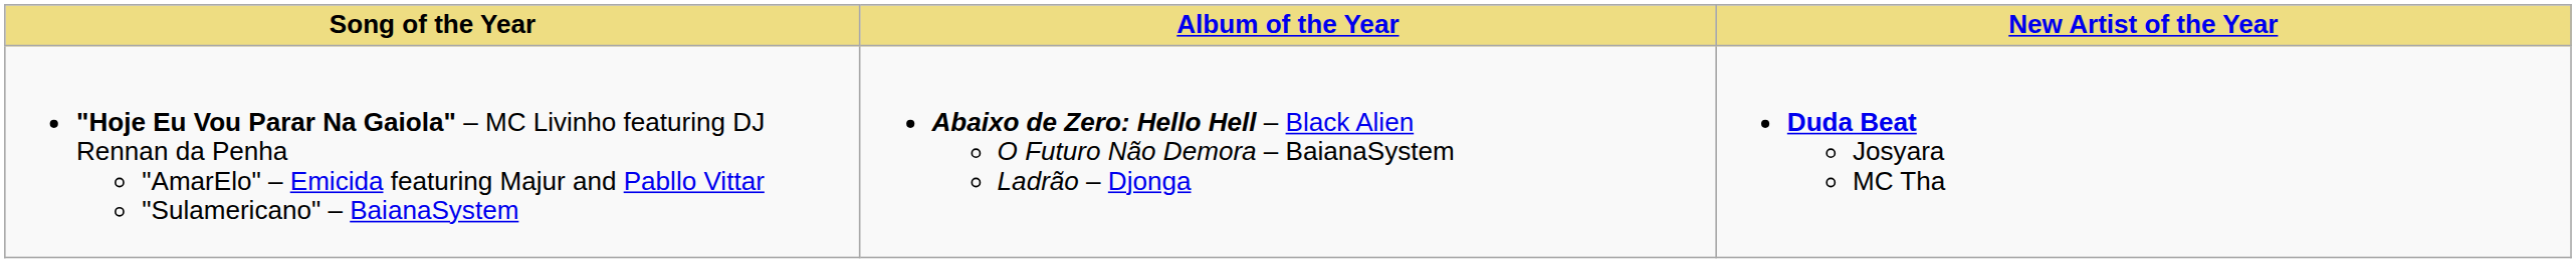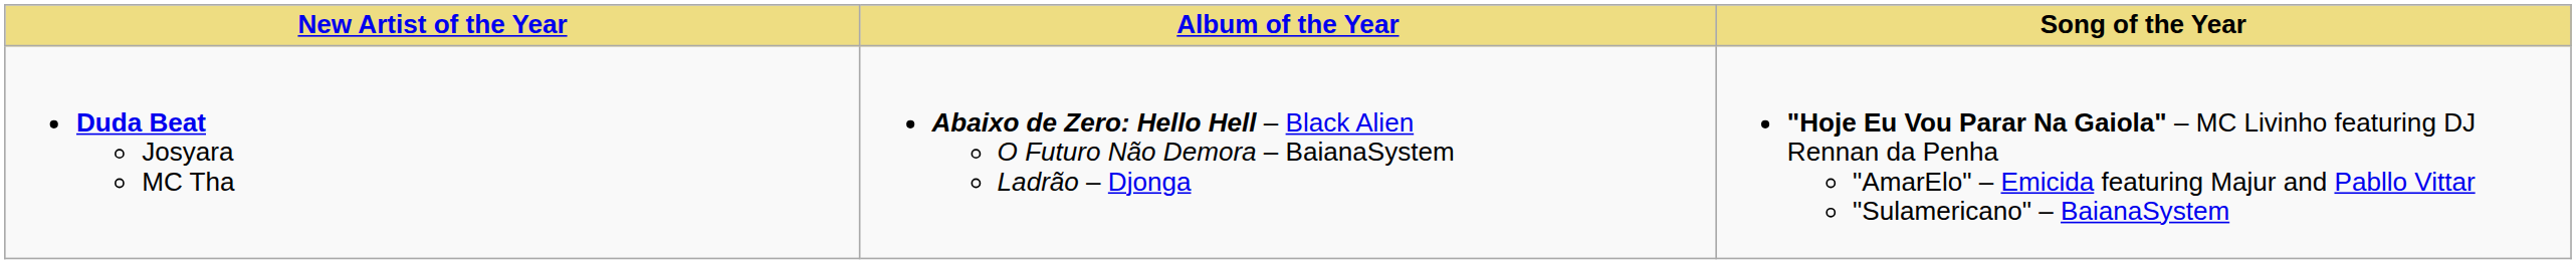 <table class=wikitable>
 <tr>
+<th style="background:#EEDD82;width:20%"><a href='#'>New Artist of the Year</a></th>
+<th style="background:#EEDD82;width:20%"><a href='#'>Album of the Year</a></th>
 <th style="background:#EEDD82;width:20%">Song of the Year</th>
-<th style="background:#EEDD82;width:20%"><a href='#'>Album of the Year</a></th>
-<th style="background:#EEDD82;width:20%"><a href='#'>New Artist of the Year</a></th>
 </tr>
 <tr>
+<td valign="top"><br><ul><li><strong><a href='#'>Duda Beat</a></strong><ul><li>Josyara</li><li>MC Tha</li></ul></li></ul></td>
+<td valign="top"><br><ul><li><strong><em>Abaixo de Zero: Hello Hell</em></strong> – <a href='#'>Black Alien</a><ul><li><em>O Futuro Não Demora</em> – BaianaSystem</li><li><em>Ladrão</em> – <a href='#'>Djonga</a></li></ul></li></ul></td>
 <td valign="top"><br><ul><li><strong>"Hoje Eu Vou Parar Na Gaiola"</strong> – MC Livinho featuring DJ Rennan da Penha<ul><li>"AmarElo" – <a href='#'>Emicida</a> featuring Majur and <a href='#'>Pabllo Vittar</a></li><li>"Sulamericano" – <a href='#'>BaianaSystem</a></li></ul></li></ul></td>
-<td valign="top"><br><ul><li><strong><em>Abaixo de Zero: Hello Hell</em></strong> – <a href='#'>Black Alien</a><ul><li><em>O Futuro Não Demora</em> – BaianaSystem</li><li><em>Ladrão</em> – <a href='#'>Djonga</a></li></ul></li></ul></td>
-<td valign="top"><br><ul><li><strong><a href='#'>Duda Beat</a></strong><ul><li>Josyara</li><li>MC Tha</li></ul></li></ul></td>
 </tr>
 </table>
